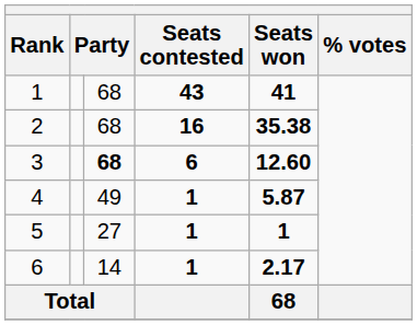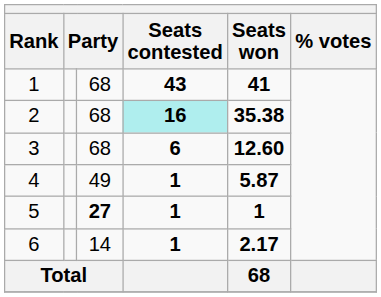 <table class="wikitable sortable" style="text-align: center;">
 <tr>
 <th colspan=6></th>
 </tr>
 <tr>
 <th>Rank</th>
 <th colspan=2>Party</th>
 <th>Seats<br>contested</th>
 <th>Seats<br>won</th>
 <th>% votes</th>
 </tr>
 <tr>
 <td>1</td>
 <td></td>
 <td>68</td>
 <td><strong>43</strong></td>
 <td><strong>41</strong></td>
 </tr>
 <tr>
 <td>2</td>
 <td></td>
 <td>68</td>
-<td><strong>16</strong></td>
+<td style="background: paleturquoise;"><strong>16</strong></td>
 <td><strong>35.38</strong></td>
 </tr>
 <tr>
 <td>3</td>
 <td></td>
-<td><strong>68</strong></td>
+<td>68</td>
 <td><strong>6</strong></td>
 <td><strong>12.60</strong></td>
 </tr>
 <tr>
 <td>4</td>
 <td></td>
 <td>49</td>
 <td><strong>1</strong></td>
 <td><strong>5.87</strong></td>
 </tr>
 <tr>
 <td>5</td>
 <td></td>
-<td>27</td>
+<td><strong>27</strong></td>
 <td><strong>1</strong></td>
 <td><strong>1</strong></td>
 </tr>
 <tr>
 <td>6</td>
 <td></td>
 <td>14</td>
 <td><strong>1</strong></td>
 <td><strong>2.17</strong></td>
 </tr>
 <tr>
 <th colspan=3>Total</th>
 <th></th>
 <th>68</th>
 <th></th>
 </tr>
 <tr>
 </tr>
 </table>
